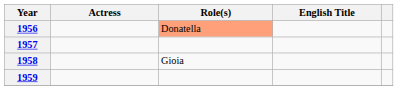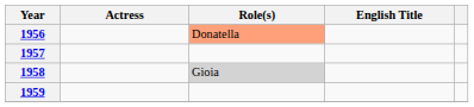 <table class="wikitable unsortable">
 <tr>
 <th scope="col" style="width:3%;">Year</th>
 <th scope="col" style="width:10%;">Actress</th>
 <th scope="col" style="width:10%;">Role(s)</th>
 <th scope="col" style="width:10%;">English Title</th>
 <th scope="col" style="width:1%;" class="unsortable"></th>
 </tr>
 <tr>
 <th scope="row", style="text-align:center"><a href='#'>1956</a></th>
 <td></td>
 <td style="background: lightsalmon;">Donatella</td>
 <td colspan="1"></td>
 <td style="text-align:center;"></td>
 </tr>
 <tr>
 <th scope="row", style="text-align:center;"><a href='#'>1957</a></th>
 <td></td>
 <td></td>
 <td colspan="1"></td>
 <td style="text-align:center;"></td>
 </tr>
 <tr>
 <th scope="row", style="text-align:center;"><a href='#'>1958</a></th>
 <td></td>
-<td>Gioia</td>
+<td style="background: lightgrey;">Gioia</td>
 <td colspan="1"></td>
 <td style="text-align:center;"></td>
 </tr>
 <tr>
 <th scope="row", style="text-align:center;"><a href='#'>1959</a></th>
 <td></td>
 <td></td>
 <td colspan="1"></td>
 <td style="text-align:center;"></td>
 </tr>
 <tr>
 </tr>
 </table>
